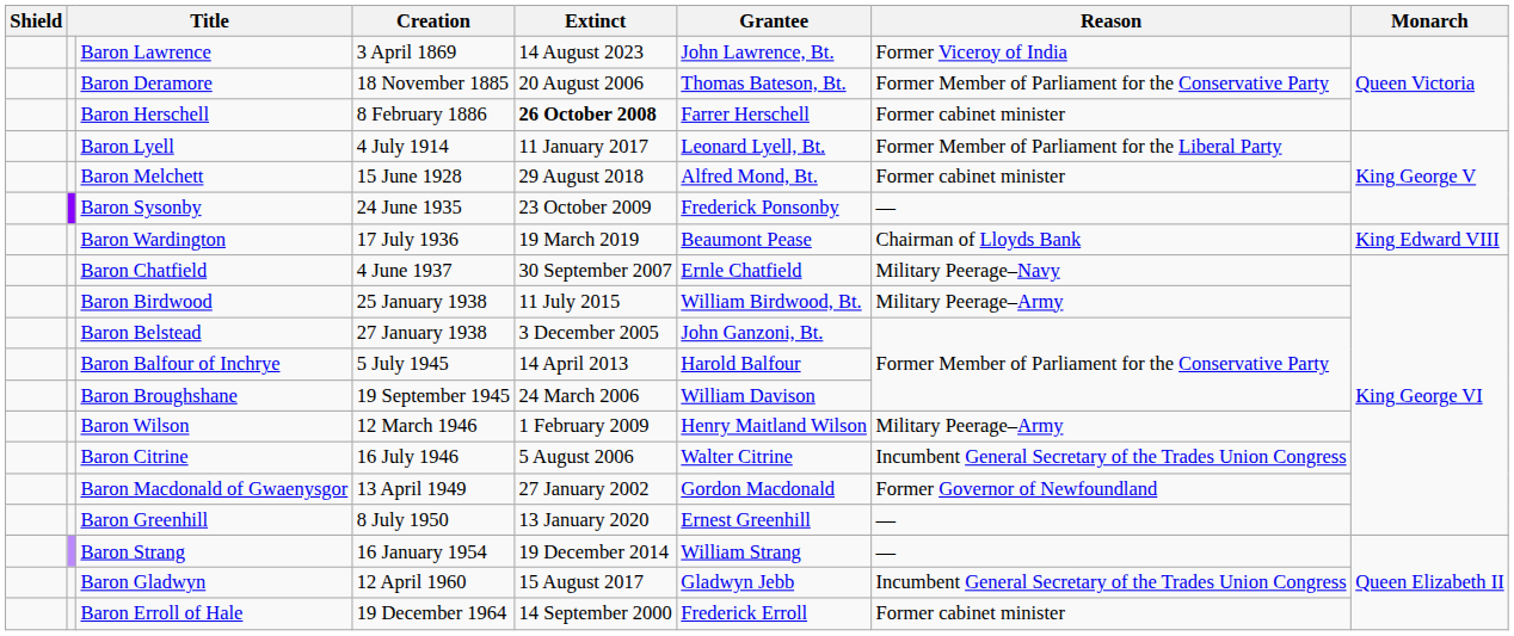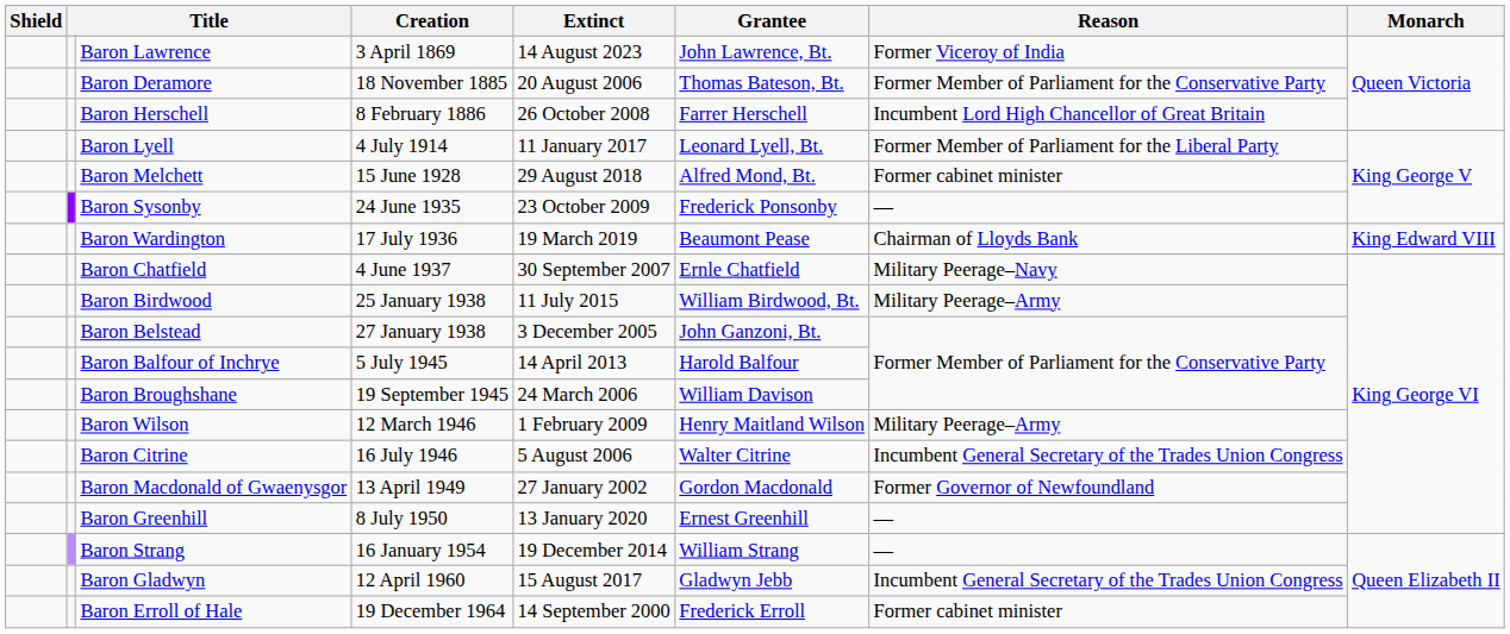 <table class="wikitable sortable">
 <tr>
 <th>Shield</th>
 <th colspan=2>Title</th>
 <th>Creation</th>
 <th>Extinct</th>
 <th>Grantee</th>
 <th>Reason</th>
 <th>Monarch</th>
 </tr>
 <tr>
 <td align=center></td>
 <td style="background-color:"></td>
 <td><a href='#'>Baron Lawrence</a></td>
 <td>3 April 1869</td>
 <td>14 August 2023</td>
 <td> <a href='#'>John Lawrence, Bt.</a></td>
 <td>Former <a href='#'>Viceroy of India</a></td>
 <td rowspan=3><a href='#'>Queen Victoria</a></td>
 </tr>
 <tr>
 <td align=center><br></td>
 <td style="background-color:"></td>
 <td><a href='#'>Baron Deramore</a></td>
 <td>18 November 1885</td>
 <td>20 August 2006</td>
 <td> <a href='#'>Thomas Bateson, Bt.</a></td>
 <td>Former Member of Parliament for the <a href='#'>Conservative Party</a></td>
 </tr>
 <tr>
 <td align=center></td>
 <td style="background-color:"></td>
 <td><a href='#'>Baron Herschell</a></td>
 <td>8 February 1886</td>
-<td><strong>26 October 2008</strong></td>
+<td>26 October 2008</td>
 <td><a href='#'>Farrer Herschell</a></td>
-<td>Former cabinet minister</td>
+<td>Incumbent <a href='#'>Lord High Chancellor of Great Britain</a></td>
 </tr>
 <tr>
 <td align=center><br></td>
 <td style="background-color:"></td>
 <td><a href='#'>Baron Lyell</a></td>
 <td>4 July 1914</td>
 <td>11 January 2017</td>
 <td> <a href='#'>Leonard Lyell, Bt.</a></td>
 <td>Former Member of Parliament for the <a href='#'>Liberal Party</a></td>
 <td rowspan=3><a href='#'>King George V</a></td>
 </tr>
 <tr>
 <td align=center><br></td>
 <td style="background-color:"></td>
 <td><a href='#'>Baron Melchett</a></td>
 <td>15 June 1928</td>
 <td>29 August 2018</td>
 <td> <a href='#'>Alfred Mond, Bt.</a></td>
 <td>Former cabinet minister</td>
 </tr>
 <tr>
 <td align=center><br></td>
 <td style="background-color:#8800FF"></td>
 <td><a href='#'>Baron Sysonby</a></td>
 <td>24 June 1935</td>
 <td>23 October 2009</td>
 <td><a href='#'>Frederick Ponsonby</a></td>
 <td>—</td>
 </tr>
 <tr>
 <td align=center><br></td>
 <td style="background-color:"></td>
 <td><a href='#'>Baron Wardington</a></td>
 <td>17 July 1936</td>
 <td>19 March 2019</td>
 <td><a href='#'>Beaumont Pease</a></td>
 <td>Chairman of <a href='#'>Lloyds Bank</a></td>
 <td><a href='#'>King Edward VIII</a></td>
 </tr>
 <tr>
 <td align=center><br></td>
 <td style="background-color:"></td>
 <td><a href='#'>Baron Chatfield</a></td>
 <td>4 June 1937</td>
 <td>30 September 2007</td>
 <td><a href='#'>Ernle Chatfield</a></td>
 <td>Military Peerage–<a href='#'>Navy</a></td>
 <td rowspan=9><a href='#'>King George VI</a></td>
 </tr>
 <tr>
 <td align=center><br></td>
 <td style="background-color:"></td>
 <td><a href='#'>Baron Birdwood</a></td>
 <td>25 January 1938</td>
 <td>11 July 2015</td>
 <td> <a href='#'>William Birdwood, Bt.</a></td>
 <td>Military Peerage–<a href='#'>Army</a></td>
 </tr>
 <tr>
 <td align=center><br></td>
 <td style="background-color:"></td>
 <td><a href='#'>Baron Belstead</a></td>
 <td>27 January 1938</td>
 <td>3 December 2005</td>
 <td> <a href='#'>John Ganzoni, Bt.</a></td>
 <td rowspan="3">Former Member of Parliament for the <a href='#'>Conservative Party</a></td>
 </tr>
 <tr>
 <td align=center><br></td>
 <td style="background-color:"></td>
 <td><a href='#'>Baron Balfour of Inchrye</a></td>
 <td>5 July 1945</td>
 <td>14 April 2013</td>
 <td><a href='#'>Harold Balfour</a></td>
 </tr>
 <tr>
 <td align=center><br></td>
 <td style="background-color:"></td>
 <td><a href='#'>Baron Broughshane</a></td>
 <td>19 September 1945</td>
 <td>24 March 2006</td>
 <td><a href='#'>William Davison</a></td>
 </tr>
 <tr>
 <td align=center><br></td>
 <td style="background-color:"></td>
 <td><a href='#'>Baron Wilson</a></td>
 <td>12 March 1946</td>
 <td>1 February 2009</td>
 <td><a href='#'>Henry Maitland Wilson</a></td>
 <td>Military Peerage–<a href='#'>Army</a></td>
 </tr>
 <tr>
 <td align=center><br></td>
 <td style="background-color:"></td>
 <td><a href='#'>Baron Citrine</a></td>
 <td>16 July 1946</td>
 <td>5 August 2006</td>
 <td><a href='#'>Walter Citrine</a></td>
 <td>Incumbent <a href='#'>General Secretary of the Trades Union Congress</a></td>
 </tr>
 <tr>
 <td align=center><br></td>
 <td style="background-color:"></td>
 <td><a href='#'>Baron Macdonald of Gwaenysgor</a></td>
 <td>13 April 1949</td>
 <td>27 January 2002</td>
 <td><a href='#'>Gordon Macdonald</a></td>
 <td>Former <a href='#'>Governor of Newfoundland</a></td>
 </tr>
 <tr>
 <td align=center><br></td>
 <td style="background-color:"></td>
 <td><a href='#'>Baron Greenhill</a></td>
 <td>8 July 1950</td>
 <td>13 January 2020</td>
 <td><a href='#'>Ernest Greenhill</a></td>
 <td>—</td>
 </tr>
 <tr>
 <td align=center><br></td>
 <td style="background-color:#BB88FF"></td>
 <td><a href='#'>Baron Strang</a></td>
 <td>16 January 1954</td>
 <td>19 December 2014</td>
 <td><a href='#'>William Strang</a></td>
 <td>—</td>
 <td rowspan=3><a href='#'>Queen Elizabeth II</a></td>
 </tr>
 <tr>
 <td align=center><br></td>
 <td style="background-color:"></td>
 <td><a href='#'>Baron Gladwyn</a></td>
 <td>12 April 1960</td>
 <td>15 August 2017</td>
 <td><a href='#'>Gladwyn Jebb</a></td>
 <td>Incumbent <a href='#'>General Secretary of the Trades Union Congress</a></td>
 </tr>
 <tr>
 <td align=center><br></td>
 <td style="background-color:"></td>
 <td><a href='#'>Baron Erroll of Hale</a></td>
 <td>19 December 1964</td>
 <td>14 September 2000</td>
 <td><a href='#'>Frederick Erroll</a></td>
 <td>Former cabinet minister</td>
 </tr>
 </table>
